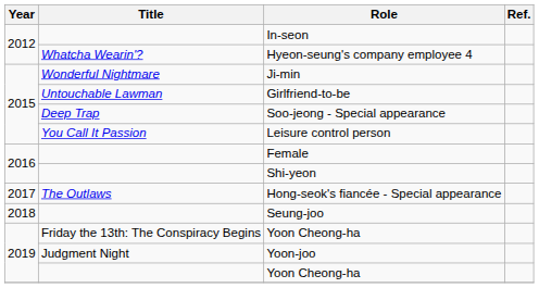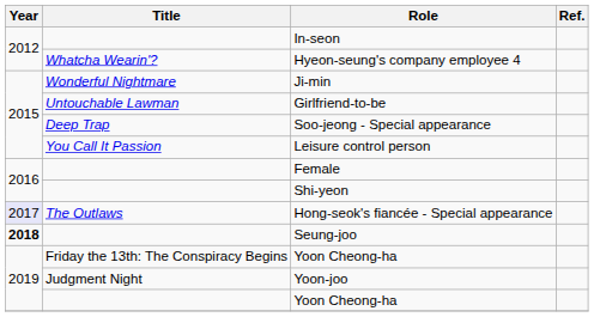 <table class="wikitable sortable" border="1">
 <tr>
 <th>Year</th>
 <th>Title</th>
 <th>Role</th>
 <th>Ref.</th>
 </tr>
 <tr>
 <td rowspan="2">2012</td>
 <td></td>
 <td>In-seon</td>
 <td></td>
 </tr>
 <tr>
 <td><em><a href='#'>Whatcha Wearin'?</a></em></td>
 <td>Hyeon-seung's company employee 4</td>
 <td></td>
 </tr>
 <tr>
 <td rowspan="4">2015</td>
 <td><em><a href='#'>Wonderful Nightmare</a></em></td>
 <td>Ji-min</td>
 <td></td>
 </tr>
 <tr>
 <td><em><a href='#'>Untouchable Lawman</a></em></td>
 <td>Girlfriend-to-be</td>
 <td></td>
 </tr>
 <tr>
 <td><em><a href='#'>Deep Trap</a></em></td>
 <td>Soo-jeong - Special appearance</td>
 <td></td>
 </tr>
 <tr>
 <td><em><a href='#'>You Call It Passion</a></em></td>
 <td>Leisure control person</td>
 <td></td>
 </tr>
 <tr>
 <td rowspan="2">2016</td>
 <td></td>
 <td>Female</td>
 <td></td>
 </tr>
 <tr>
 <td><em></em></td>
 <td>Shi-yeon</td>
 <td></td>
 </tr>
 <tr>
-<td>2017</td>
+<td style="background: lavender;">2017</td>
 <td><em><a href='#'>The Outlaws</a></em></td>
 <td>Hong-seok's fiancée - Special appearance</td>
 <td></td>
 </tr>
 <tr>
-<td>2018</td>
+<td><strong>2018</strong></td>
 <td></td>
 <td>Seung-joo</td>
 <td></td>
 </tr>
 <tr>
 <td rowspan="3">2019</td>
 <td>Friday the 13th: The Conspiracy Begins</td>
 <td>Yoon Cheong-ha</td>
 <td></td>
 </tr>
 <tr>
 <td>Judgment Night</td>
 <td>Yoon-joo</td>
 <td></td>
 </tr>
 <tr>
 <td></td>
 <td>Yoon Cheong-ha</td>
 <td></td>
 </tr>
 <tr>
 </tr>
 </table>
